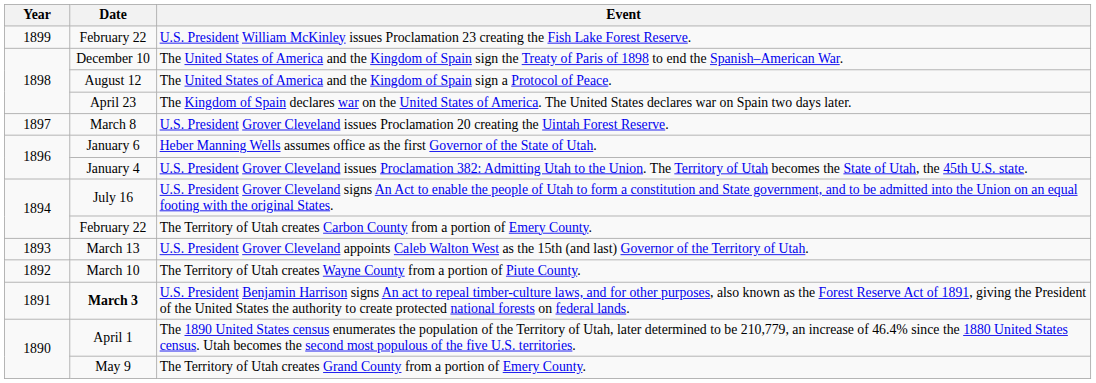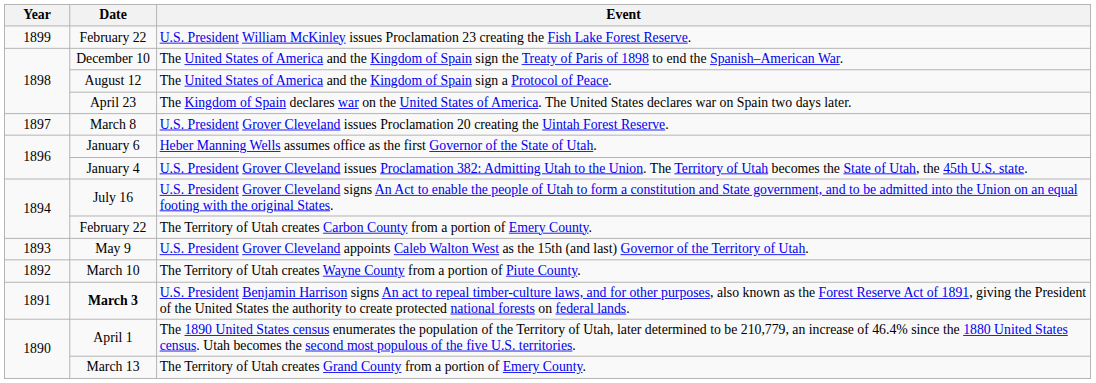 <table class="wikitable" style="width:100%;">
 <tr>
 <th style="width:6%">Year</th>
 <th style="width:8%">Date</th>
 <th style="width:86%">Event</th>
 </tr>
 <tr>
 <td align=center rowspan=1>1899</td>
 <td align=center>February 22</td>
 <td><a href='#'>U.S. President</a> <a href='#'>William McKinley</a> issues Proclamation 23 creating the <a href='#'>Fish Lake Forest Reserve</a>.</td>
 </tr>
 <tr>
 <td align=center rowspan=3>1898</td>
 <td align=center>December 10</td>
 <td>The <a href='#'>United States of America</a> and the <a href='#'>Kingdom of Spain</a> sign the <a href='#'>Treaty of Paris of 1898</a> to end the <a href='#'>Spanish–American War</a>.</td>
 </tr>
 <tr>
 <td align=center>August 12</td>
 <td>The <a href='#'>United States of America</a> and the <a href='#'>Kingdom of Spain</a> sign a <a href='#'>Protocol of Peace</a>.</td>
 </tr>
 <tr>
 <td align=center>April 23</td>
 <td>The <a href='#'>Kingdom of Spain</a> declares <a href='#'>war</a> on the <a href='#'>United States of America</a>.  The United States declares war on Spain two days later.</td>
 </tr>
 <tr>
 <td align=center rowspan=1>1897</td>
 <td align=center>March 8</td>
 <td><a href='#'>U.S. President</a> <a href='#'>Grover Cleveland</a> issues Proclamation 20 creating the <a href='#'>Uintah Forest Reserve</a>.</td>
 </tr>
 <tr>
 <td align=center rowspan=2>1896</td>
 <td align=center>January 6</td>
 <td><a href='#'>Heber Manning Wells</a> assumes office as the first <a href='#'>Governor of the State of Utah</a>.</td>
 </tr>
 <tr>
 <td align=center>January 4</td>
 <td><a href='#'>U.S. President</a> <a href='#'>Grover Cleveland</a> issues <a href='#'>Proclamation 382: Admitting Utah to the Union</a>. The <a href='#'>Territory of Utah</a> becomes the <a href='#'>State of Utah</a>, the <a href='#'>45th U.S. state</a>.</td>
 </tr>
 <tr>
 <td align=center rowspan=2>1894</td>
 <td align=center>July 16</td>
 <td><a href='#'>U.S. President</a> <a href='#'>Grover Cleveland</a> signs <a href='#'>An Act to enable the people of Utah to form a constitution and State government, and to be admitted into the Union on an equal footing with the original States</a>.</td>
 </tr>
 <tr>
 <td align=center>February 22</td>
 <td>The Territory of Utah creates <a href='#'>Carbon County</a> from a portion of <a href='#'>Emery County</a>.</td>
 </tr>
 <tr>
 <td align=center rowspan=1>1893</td>
-<td align=center>March 13</td>
+<td align=center>May 9</td>
 <td><a href='#'>U.S. President</a> <a href='#'>Grover Cleveland</a> appoints <a href='#'>Caleb Walton West</a> as the 15th (and last) <a href='#'>Governor of the Territory of Utah</a>.</td>
 </tr>
 <tr>
 <td align=center rowspan=1>1892</td>
 <td align=center>March 10</td>
 <td>The Territory of Utah creates <a href='#'>Wayne County</a> from a portion of <a href='#'>Piute County</a>.</td>
 </tr>
 <tr>
 <td align=center rowspan=1>1891</td>
 <td align=center><strong>March 3</strong></td>
 <td><a href='#'>U.S. President</a> <a href='#'>Benjamin Harrison</a> signs <a href='#'>An act to repeal timber-culture laws, and for other purposes</a>, also known as the <a href='#'>Forest Reserve Act of 1891</a>, giving the President of the United States the authority to create protected <a href='#'>national forests</a> on <a href='#'>federal lands</a>.</td>
 </tr>
 <tr>
 <td align=center rowspan=2>1890</td>
 <td align=center>April 1</td>
 <td>The <a href='#'>1890 United States census</a> enumerates the population of the Territory of Utah, later determined to be 210,779, an increase of 46.4% since the <a href='#'>1880 United States census</a>. Utah becomes the <a href='#'>second most populous of the five U.S. territories</a>.</td>
 </tr>
 <tr>
-<td align=center>May 9</td>
+<td align=center>March 13</td>
 <td>The Territory of Utah creates <a href='#'>Grand County</a> from a portion of <a href='#'>Emery County</a>.</td>
 </tr>
 </table>
